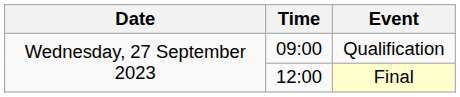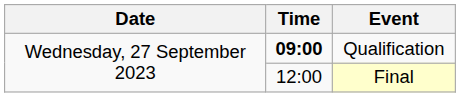 <table class = "wikitable" style="text-align:center;">
 <tr>
 <th width=220>Date</th>
 <th width=50>Time</th>
 <th width=100>Event</th>
 </tr>
 <tr>
 <td rowspan=2>Wednesday, 27 September 2023</td>
-<td>09:00</td>
+<td><strong>09:00</strong></td>
 <td>Qualification</td>
 </tr>
 <tr>
 <td>12:00</td>
 <td bgcolor=ffffcc>Final</td>
 </tr>
 </table>
